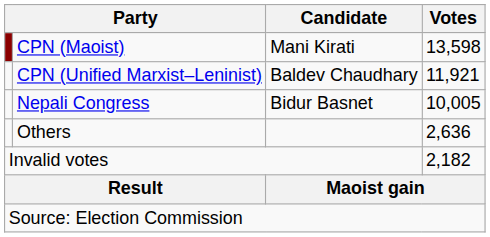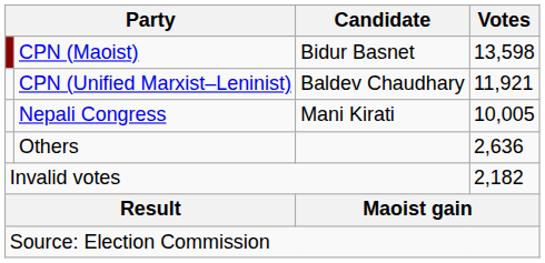 <table class="wikitable">
 <tr>
 <th colspan="2">Party</th>
 <th>Candidate</th>
 <th>Votes</th>
 </tr>
 <tr>
 <td style="background-color:darkred"></td>
 <td><a href='#'>CPN (Maoist)</a></td>
-<td>Mani Kirati</td>
+<td>Bidur Basnet</td>
 <td>13,598</td>
 </tr>
 <tr>
 <td style="background-color:"></td>
 <td><a href='#'>CPN (Unified Marxist–Leninist)</a></td>
 <td>Baldev Chaudhary</td>
 <td>11,921</td>
 </tr>
 <tr>
 <td style="background-color:"></td>
 <td><a href='#'>Nepali Congress</a></td>
-<td>Bidur Basnet</td>
+<td>Mani Kirati</td>
 <td>10,005</td>
 </tr>
 <tr>
 <td></td>
 <td>Others</td>
 <td></td>
 <td>2,636</td>
 </tr>
 <tr>
 <td colspan="3">Invalid votes</td>
 <td>2,182</td>
 </tr>
 <tr>
 <th colspan="2">Result</th>
 <th colspan="2">Maoist gain</th>
 </tr>
 <tr>
 <td colspan="4">Source: Election Commission</td>
 </tr>
 </table>
